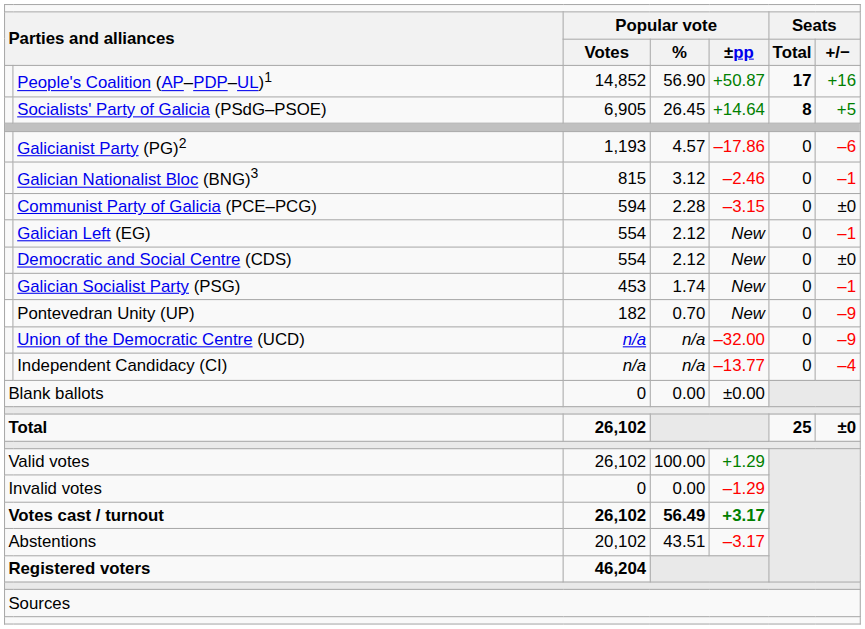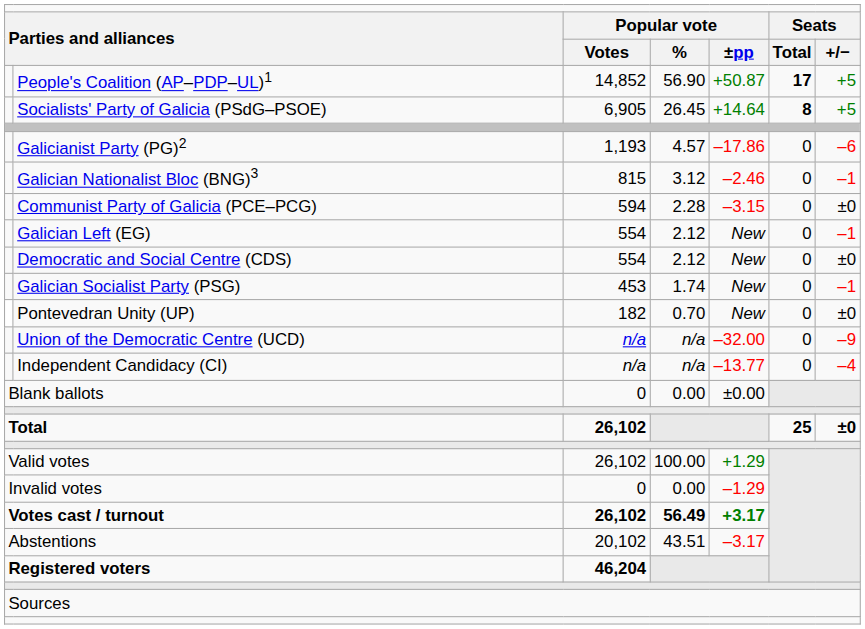 <table class="wikitable" style="text-align:right;">
 <tr>
 <td colspan="7"></td>
 </tr>
 <tr>
 <th style="text-align:left;" rowspan="2" colspan="2" width="525">Parties and alliances</th>
 <th colspan="3">Popular vote</th>
 <th colspan="2">Seats</th>
 </tr>
 <tr>
 <th width="75">Votes</th>
 <th width="45">%</th>
 <th width="45">±<a href='#'>pp</a></th>
 <th width="35">Total</th>
 <th width="35">+/−</th>
 </tr>
 <tr>
 <td width="1" style="color:inherit;background:"></td>
 <td align="left"><a href='#'>People's Coalition</a> (<a href='#'>AP</a>–<a href='#'>PDP</a>–<a href='#'>UL</a>)<sup>1</sup></td>
 <td>14,852</td>
 <td>56.90</td>
 <td style="color:green;">+50.87</td>
 <td><strong>17</strong></td>
-<td style="color:green;">+16</td>
+<td style="color:green;">+5</td>
 </tr>
 <tr>
 <td style="color:inherit;background:"></td>
 <td align="left"><a href='#'>Socialists' Party of Galicia</a> (PSdG–PSOE)</td>
 <td>6,905</td>
 <td>26.45</td>
 <td style="color:green;">+14.64</td>
 <td><strong>8</strong></td>
 <td style="color:green;">+5</td>
 </tr>
 <tr>
 <td colspan="7" bgcolor="#C0C0C0"></td>
 </tr>
 <tr>
 <td style="color:inherit;background:"></td>
 <td align="left"><a href='#'>Galicianist Party</a> (PG)<sup>2</sup></td>
 <td>1,193</td>
 <td>4.57</td>
 <td style="color:red;">–17.86</td>
 <td>0</td>
 <td style="color:red;">–6</td>
 </tr>
 <tr>
 <td style="color:inherit;background:"></td>
 <td align="left"><a href='#'>Galician Nationalist Bloc</a> (BNG)<sup>3</sup></td>
 <td>815</td>
 <td>3.12</td>
 <td style="color:red;">–2.46</td>
 <td>0</td>
 <td style="color:red;">–1</td>
 </tr>
 <tr>
 <td style="color:inherit;background:"></td>
 <td align="left"><a href='#'>Communist Party of Galicia</a> (PCE–PCG)</td>
 <td>594</td>
 <td>2.28</td>
 <td style="color:red;">–3.15</td>
 <td>0</td>
 <td>±0</td>
 </tr>
 <tr>
 <td style="color:inherit;background:"></td>
 <td align="left"><a href='#'>Galician Left</a> (EG)</td>
 <td>554</td>
 <td>2.12</td>
 <td><em>New</em></td>
 <td>0</td>
 <td style="color:red;">–1</td>
 </tr>
 <tr>
 <td style="color:inherit;background:"></td>
 <td align="left"><a href='#'>Democratic and Social Centre</a> (CDS)</td>
 <td>554</td>
 <td>2.12</td>
 <td><em>New</em></td>
 <td>0</td>
 <td>±0</td>
 </tr>
 <tr>
 <td style="color:inherit;background:"></td>
 <td align="left"><a href='#'>Galician Socialist Party</a> (PSG)</td>
 <td>453</td>
 <td>1.74</td>
 <td><em>New</em></td>
 <td>0</td>
 <td style="color:red;">–1</td>
 </tr>
 <tr>
 <td bgcolor="white"></td>
 <td align="left">Pontevedran Unity (UP)</td>
 <td>182</td>
 <td>0.70</td>
 <td><em>New</em></td>
 <td>0</td>
-<td style="color:red;">–9</td>
+<td>±0</td>
 </tr>
 <tr>
 <td style="color:inherit;background:"></td>
 <td align="left"><a href='#'>Union of the Democratic Centre</a> (UCD)</td>
 <td><em><a href='#'>n/a</a></em></td>
 <td><em>n/a</em></td>
 <td style="color:red;">–32.00</td>
 <td>0</td>
 <td style="color:red;">–9</td>
 </tr>
 <tr>
 <td style="color:inherit;background:"></td>
 <td align="left">Independent Candidacy (CI)</td>
 <td><em>n/a</em></td>
 <td><em>n/a</em></td>
 <td style="color:red;">–13.77</td>
 <td>0</td>
 <td style="color:red;">–4</td>
 </tr>
 <tr>
 <td align="left" colspan="2">Blank ballots</td>
 <td>0</td>
 <td>0.00</td>
 <td>±0.00</td>
 <td bgcolor="#E9E9E9" colspan="2"></td>
 </tr>
 <tr>
 <td colspan="7" bgcolor="#E9E9E9"></td>
 </tr>
 <tr style="font-weight:bold;">
 <td align="left" colspan="2">Total</td>
 <td>26,102</td>
 <td bgcolor="#E9E9E9" colspan="2"></td>
 <td>25</td>
 <td>±0</td>
 </tr>
 <tr>
 <td colspan="7" bgcolor="#E9E9E9"></td>
 </tr>
 <tr>
 <td align="left" colspan="2">Valid votes</td>
 <td>26,102</td>
 <td>100.00</td>
 <td style="color:green;">+1.29</td>
 <td bgcolor="#E9E9E9" colspan="2" rowspan="5"></td>
 </tr>
 <tr>
 <td align="left" colspan="2">Invalid votes</td>
 <td>0</td>
 <td>0.00</td>
 <td style="color:red;">–1.29</td>
 </tr>
 <tr style="font-weight:bold;">
 <td align="left" colspan="2">Votes cast / turnout</td>
 <td>26,102</td>
 <td>56.49</td>
 <td style="color:green;">+3.17</td>
 </tr>
 <tr>
 <td align="left" colspan="2">Abstentions</td>
 <td>20,102</td>
 <td>43.51</td>
 <td style="color:red;">–3.17</td>
 </tr>
 <tr style="font-weight:bold;">
 <td align="left" colspan="2">Registered voters</td>
 <td>46,204</td>
 <td bgcolor="#E9E9E9" colspan="2"></td>
 </tr>
 <tr>
 <td colspan="7" bgcolor="#E9E9E9"></td>
 </tr>
 <tr>
 <td align="left" colspan="7">Sources</td>
 </tr>
 <tr>
 <td colspan="7" style="text-align:left; max-width:790px;"></td>
 </tr>
 </table>
